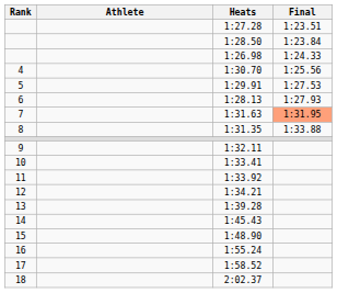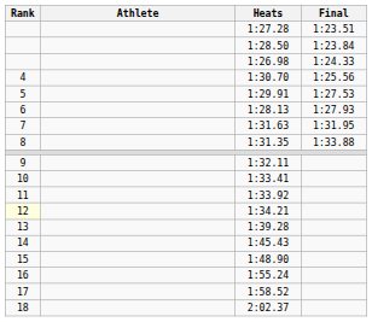 <table class=wikitable style="text-align:center">
 <tr>
 <th width=40>Rank</th>
 <th width=250>Athlete</th>
 <th width=80>Heats</th>
 <th width=80>Final</th>
 </tr>
 <tr>
 <td></td>
 <td align=left></td>
 <td>1:27.28</td>
 <td>1:23.51</td>
 </tr>
 <tr>
 <td></td>
 <td align=left></td>
 <td>1:28.50</td>
 <td>1:23.84</td>
 </tr>
 <tr>
 <td></td>
 <td align=left></td>
 <td>1:26.98</td>
 <td>1:24.33</td>
 </tr>
 <tr>
 <td>4</td>
 <td align=left></td>
 <td>1:30.70</td>
 <td>1:25.56</td>
 </tr>
 <tr>
 <td>5</td>
 <td align=left></td>
 <td>1:29.91</td>
 <td>1:27.53</td>
 </tr>
 <tr>
 <td>6</td>
 <td align=left></td>
 <td>1:28.13</td>
 <td>1:27.93</td>
 </tr>
 <tr>
 <td>7</td>
 <td align=left></td>
 <td>1:31.63</td>
-<td style="background: lightsalmon;">1:31.95</td>
+<td>1:31.95</td>
 </tr>
 <tr>
 <td>8</td>
 <td align=left></td>
 <td>1:31.35</td>
 <td>1:33.88</td>
 </tr>
 <tr bgcolor=#DDDDDD>
 <td colspan=4></td>
 </tr>
 <tr>
 <td>9</td>
 <td align=left></td>
 <td>1:32.11</td>
 <td></td>
 </tr>
 <tr>
 <td>10</td>
 <td align=left></td>
 <td>1:33.41</td>
 <td></td>
 </tr>
 <tr>
 <td>11</td>
 <td align=left></td>
 <td>1:33.92</td>
 <td></td>
 </tr>
 <tr>
-<td>12</td>
+<td style="background: lightyellow;">12</td>
 <td align=left></td>
 <td>1:34.21</td>
 <td></td>
 </tr>
 <tr>
 <td>13</td>
 <td align=left></td>
 <td>1:39.28</td>
 <td></td>
 </tr>
 <tr>
 <td>14</td>
 <td align=left></td>
 <td>1:45.43</td>
 <td></td>
 </tr>
 <tr>
 <td>15</td>
 <td align=left></td>
 <td>1:48.90</td>
 <td></td>
 </tr>
 <tr>
 <td>16</td>
 <td align=left></td>
 <td>1:55.24</td>
 <td></td>
 </tr>
 <tr>
 <td>17</td>
 <td align=left></td>
 <td>1:58.52</td>
 <td></td>
 </tr>
 <tr>
 <td>18</td>
 <td align=left></td>
 <td>2:02.37</td>
 <td></td>
 </tr>
 </table>
